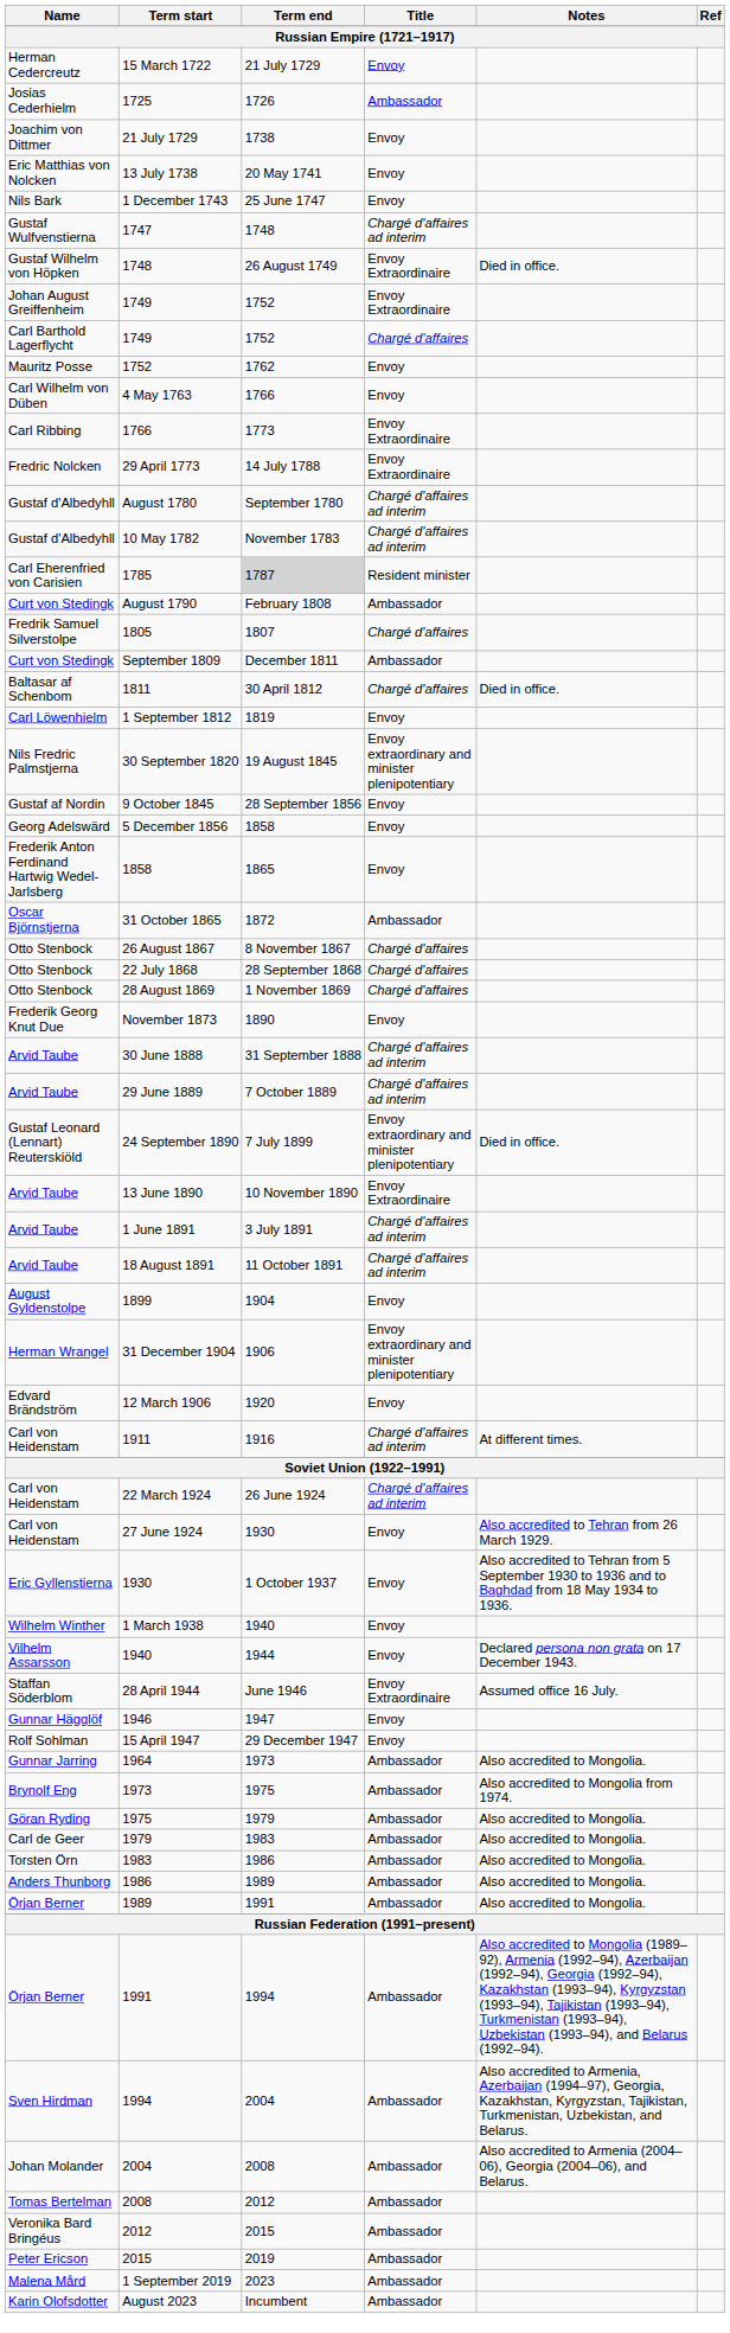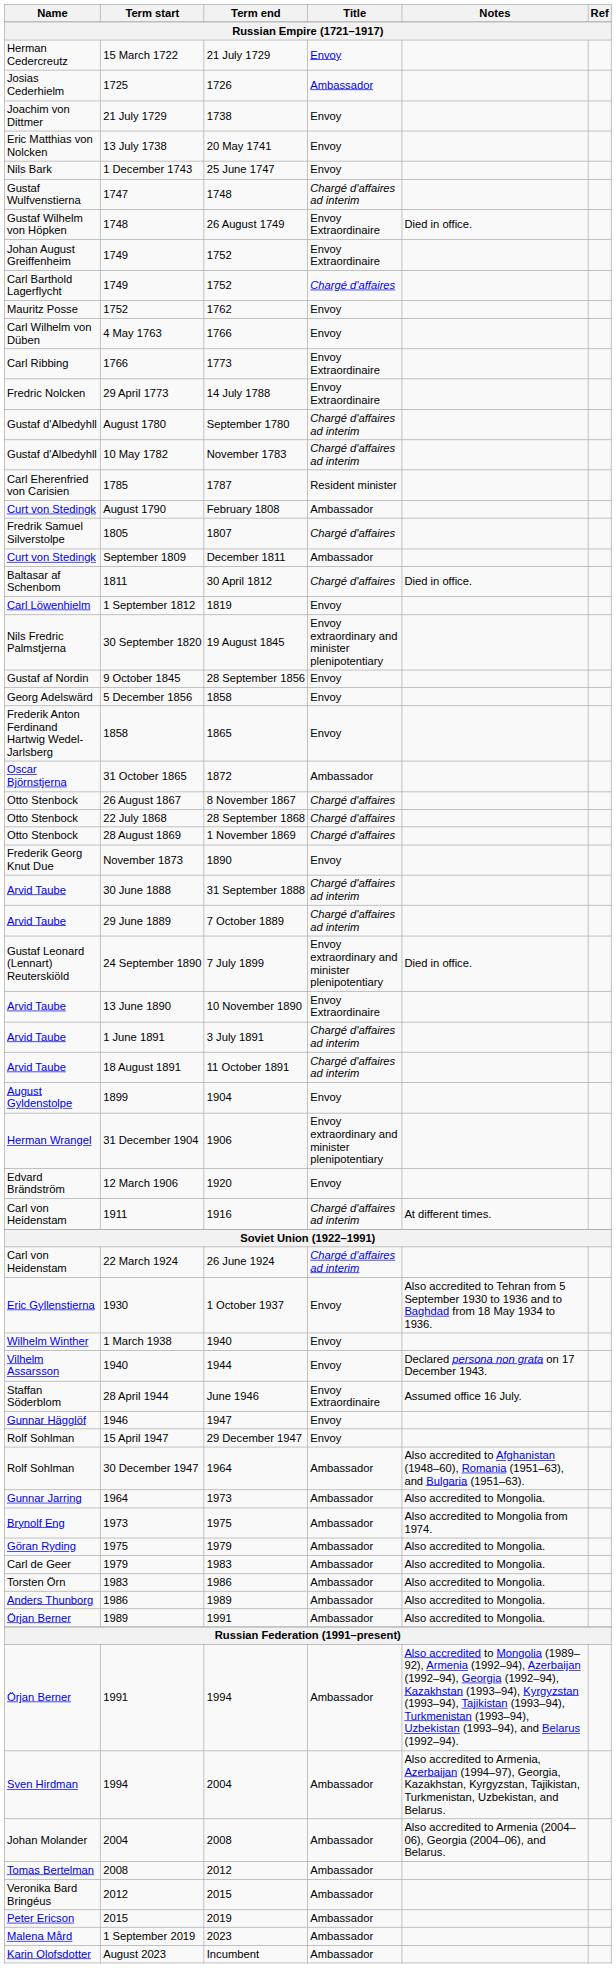 <table class="wikitable">
 <tr>
 <th>Name</th>
 <th>Term start</th>
 <th>Term end</th>
 <th>Title</th>
 <th>Notes</th>
 <th>Ref</th>
 </tr>
 <tr>
 </tr>
 <tr style="text-align:center;">
 <th colspan=6>Russian Empire (1721–1917)</th>
 </tr>
 <tr>
 <td>Herman Cedercreutz</td>
 <td style="white-space: nowrap;">15 March 1722</td>
 <td style="white-space: nowrap;">21 July 1729</td>
 <td><a href='#'>Envoy</a></td>
 <td></td>
 <td></td>
 </tr>
 <tr>
 <td>Josias Cederhielm</td>
 <td style="white-space: nowrap;">1725</td>
 <td style="white-space: nowrap;">1726</td>
 <td><a href='#'>Ambassador</a></td>
 <td></td>
 <td></td>
 </tr>
 <tr>
 <td>Joachim von Dittmer</td>
 <td style="white-space: nowrap;">21 July 1729</td>
 <td style="white-space: nowrap;">1738</td>
 <td>Envoy</td>
 <td></td>
 <td></td>
 </tr>
 <tr>
 <td>Eric Matthias von Nolcken</td>
 <td style="white-space: nowrap;">13 July 1738</td>
 <td style="white-space: nowrap;">20 May 1741</td>
 <td>Envoy</td>
 <td></td>
 <td></td>
 </tr>
 <tr>
 <td>Nils Bark</td>
 <td style="white-space: nowrap;">1 December 1743</td>
 <td style="white-space: nowrap;">25 June 1747</td>
 <td>Envoy</td>
 <td></td>
 <td></td>
 </tr>
 <tr>
 <td>Gustaf Wulfvenstierna</td>
 <td style="white-space: nowrap;">1747</td>
 <td style="white-space: nowrap;">1748</td>
 <td><em>Chargé d'affaires ad interim</em></td>
 <td></td>
 <td></td>
 </tr>
 <tr>
 <td>Gustaf Wilhelm von Höpken</td>
 <td style="white-space: nowrap;">1748</td>
 <td style="white-space: nowrap;">26 August 1749</td>
 <td>Envoy Extraordinaire</td>
 <td>Died in office.</td>
 <td></td>
 </tr>
 <tr>
 <td>Johan August Greiffenheim</td>
 <td style="white-space: nowrap;">1749</td>
 <td style="white-space: nowrap;">1752</td>
 <td>Envoy Extraordinaire</td>
 <td></td>
 <td></td>
 </tr>
 <tr>
 <td>Carl Barthold Lagerflycht</td>
 <td style="white-space: nowrap;">1749</td>
 <td style="white-space: nowrap;">1752</td>
 <td><em><a href='#'>Chargé d'affaires</a></em></td>
 <td></td>
 <td></td>
 </tr>
 <tr>
 <td>Mauritz Posse</td>
 <td style="white-space: nowrap;">1752</td>
 <td style="white-space: nowrap;">1762</td>
 <td>Envoy</td>
 <td></td>
 <td></td>
 </tr>
 <tr>
 <td>Carl Wilhelm von Düben</td>
 <td style="white-space: nowrap;">4 May 1763</td>
 <td style="white-space: nowrap;">1766</td>
 <td>Envoy</td>
 <td></td>
 <td></td>
 </tr>
 <tr>
 <td>Carl Ribbing</td>
 <td style="white-space: nowrap;">1766</td>
 <td style="white-space: nowrap;">1773</td>
 <td>Envoy Extraordinaire</td>
 <td></td>
 <td></td>
 </tr>
 <tr>
 <td>Fredric Nolcken</td>
 <td style="white-space: nowrap;">29 April 1773</td>
 <td style="white-space: nowrap;">14 July 1788</td>
 <td>Envoy Extraordinaire</td>
 <td></td>
 <td></td>
 </tr>
 <tr>
 <td>Gustaf d'Albedyhll</td>
 <td style="white-space: nowrap;">August 1780</td>
 <td style="white-space: nowrap;">September 1780</td>
 <td><em>Chargé d'affaires ad interim</em></td>
 <td></td>
 <td></td>
 </tr>
 <tr>
 <td>Gustaf d'Albedyhll</td>
 <td style="white-space: nowrap;">10 May 1782</td>
 <td style="white-space: nowrap;">November 1783</td>
 <td><em>Chargé d'affaires ad interim</em></td>
 <td></td>
 <td></td>
 </tr>
 <tr>
 <td>Carl Eherenfried von Carisien</td>
 <td style="white-space: nowrap;">1785</td>
-<td style="background: lightgrey; white-space: nowrap;">1787</td>
+<td style="white-space: nowrap;">1787</td>
 <td>Resident minister</td>
 <td></td>
 <td></td>
 </tr>
 <tr>
 <td><a href='#'>Curt von Stedingk</a></td>
 <td style="white-space: nowrap;">August 1790</td>
 <td style="white-space: nowrap;">February 1808</td>
 <td>Ambassador</td>
 <td></td>
 <td></td>
 </tr>
 <tr>
 <td>Fredrik Samuel Silverstolpe</td>
 <td style="white-space: nowrap;">1805</td>
 <td style="white-space: nowrap;">1807</td>
 <td><em>Chargé d'affaires</em></td>
 <td></td>
 <td></td>
 </tr>
 <tr>
 <td><a href='#'>Curt von Stedingk</a></td>
 <td style="white-space: nowrap;">September 1809</td>
 <td style="white-space: nowrap;">December 1811</td>
 <td>Ambassador</td>
 <td></td>
 <td></td>
 </tr>
 <tr>
 <td>Baltasar af Schenbom</td>
 <td style="white-space: nowrap;">1811</td>
 <td style="white-space: nowrap;">30 April 1812</td>
 <td><em>Chargé d'affaires</em></td>
 <td>Died in office.</td>
 <td></td>
 </tr>
 <tr>
 <td><a href='#'>Carl Löwenhielm</a></td>
 <td style="white-space: nowrap;">1 September 1812</td>
 <td style="white-space: nowrap;">1819</td>
 <td>Envoy</td>
 <td></td>
 <td></td>
 </tr>
 <tr>
 <td>Nils Fredric Palmstjerna</td>
 <td style="white-space: nowrap;">30 September 1820</td>
 <td style="white-space: nowrap;">19 August 1845</td>
 <td>Envoy extraordinary and minister plenipotentiary</td>
 <td></td>
 <td></td>
 </tr>
 <tr>
 <td>Gustaf af Nordin</td>
 <td style="white-space: nowrap;">9 October 1845</td>
 <td style="white-space: nowrap;">28 September 1856</td>
 <td>Envoy</td>
 <td></td>
 <td></td>
 </tr>
 <tr>
 <td>Georg Adelswärd</td>
 <td style="white-space: nowrap;">5 December 1856</td>
 <td style="white-space: nowrap;">1858</td>
 <td>Envoy</td>
 <td></td>
 <td></td>
 </tr>
 <tr>
 <td>Frederik Anton Ferdinand Hartwig Wedel-Jarlsberg</td>
 <td style="white-space: nowrap;">1858</td>
 <td style="white-space: nowrap;">1865</td>
 <td>Envoy</td>
 <td></td>
 <td></td>
 </tr>
 <tr>
 <td><a href='#'>Oscar Björnstjerna</a></td>
 <td style="white-space: nowrap;">31 October 1865</td>
 <td style="white-space: nowrap;">1872</td>
 <td>Ambassador</td>
 <td></td>
 <td></td>
 </tr>
 <tr>
 <td>Otto Stenbock</td>
 <td style="white-space: nowrap;">26 August 1867</td>
 <td style="white-space: nowrap;">8 November 1867</td>
 <td><em>Chargé d'affaires</em></td>
 <td></td>
 <td></td>
 </tr>
 <tr>
 <td>Otto Stenbock</td>
 <td style="white-space: nowrap;">22 July 1868</td>
 <td style="white-space: nowrap;">28 September 1868</td>
 <td><em>Chargé d'affaires</em></td>
 <td></td>
 <td></td>
 </tr>
 <tr>
 <td>Otto Stenbock</td>
 <td style="white-space: nowrap;">28 August 1869</td>
 <td style="white-space: nowrap;">1 November 1869</td>
 <td><em>Chargé d'affaires</em></td>
 <td></td>
 <td></td>
 </tr>
 <tr>
 <td>Frederik Georg Knut Due</td>
 <td style="white-space: nowrap;">November 1873</td>
 <td style="white-space: nowrap;">1890</td>
 <td>Envoy</td>
 <td></td>
 <td></td>
 </tr>
 <tr>
 <td><a href='#'>Arvid Taube</a></td>
 <td style="white-space: nowrap;">30 June 1888</td>
 <td style="white-space: nowrap;">31 September 1888</td>
 <td><em>Chargé d'affaires ad interim</em></td>
 <td></td>
 <td></td>
 </tr>
 <tr>
 <td><a href='#'>Arvid Taube</a></td>
 <td style="white-space: nowrap;">29 June 1889</td>
 <td style="white-space: nowrap;">7 October 1889</td>
 <td><em>Chargé d'affaires ad interim</em></td>
 <td></td>
 <td></td>
 </tr>
 <tr>
 <td>Gustaf Leonard (Lennart) Reuterskiöld</td>
 <td style="white-space: nowrap;">24 September 1890</td>
 <td style="white-space: nowrap;">7 July 1899</td>
 <td>Envoy extraordinary and minister plenipotentiary</td>
 <td>Died in office.</td>
 <td></td>
 </tr>
 <tr>
 <td><a href='#'>Arvid Taube</a></td>
 <td style="white-space: nowrap;">13 June 1890</td>
 <td style="white-space: nowrap;">10 November 1890</td>
 <td>Envoy Extraordinaire</td>
 <td></td>
 <td></td>
 </tr>
 <tr>
 <td><a href='#'>Arvid Taube</a></td>
 <td style="white-space: nowrap;">1 June 1891</td>
 <td style="white-space: nowrap;">3 July 1891</td>
 <td><em>Chargé d'affaires ad interim</em></td>
 <td></td>
 <td></td>
 </tr>
 <tr>
 <td><a href='#'>Arvid Taube</a></td>
 <td style="white-space: nowrap;">18 August 1891</td>
 <td style="white-space: nowrap;">11 October 1891</td>
 <td><em>Chargé d'affaires ad interim</em></td>
 <td></td>
 <td></td>
 </tr>
 <tr>
 <td><a href='#'>August Gyldenstolpe</a></td>
 <td style="white-space: nowrap;">1899</td>
 <td style="white-space: nowrap;">1904</td>
 <td>Envoy</td>
 <td></td>
 <td></td>
 </tr>
 <tr>
 <td><a href='#'>Herman Wrangel</a></td>
 <td style="white-space: nowrap;">31 December 1904</td>
 <td style="white-space: nowrap;">1906</td>
 <td>Envoy extraordinary and minister plenipotentiary</td>
 <td></td>
 <td></td>
 </tr>
 <tr>
 <td>Edvard Brändström</td>
 <td style="white-space: nowrap;">12 March 1906</td>
 <td style="white-space: nowrap;">1920</td>
 <td>Envoy</td>
 <td></td>
 <td></td>
 </tr>
 <tr>
 <td>Carl von Heidenstam</td>
 <td style="white-space: nowrap;">1911</td>
 <td style="white-space: nowrap;">1916</td>
 <td><em>Chargé d'affaires ad interim</em></td>
 <td>At different times.</td>
 <td></td>
 </tr>
 <tr>
 </tr>
 <tr style="text-align:center;">
 <th colspan=6>Soviet Union (1922–1991)</th>
 </tr>
 <tr>
 <td>Carl von Heidenstam</td>
 <td style="white-space: nowrap;">22 March 1924</td>
 <td style="white-space: nowrap;">26 June 1924</td>
 <td><em><a href='#'>Chargé d'affaires ad interim</a></em></td>
 <td></td>
 <td></td>
 </tr>
 <tr>
-<td>Carl von Heidenstam</td>
-<td style="white-space: nowrap;">27 June 1924</td>
-<td style="white-space: nowrap;">1930</td>
-<td>Envoy</td>
-<td><a href='#'>Also accredited</a> to <a href='#'>Tehran</a> from 26 March 1929.</td>
-<td></td>
-</tr>
-<tr>
 <td><a href='#'>Eric Gyllenstierna</a></td>
 <td style="white-space: nowrap;">1930</td>
 <td style="white-space: nowrap;">1 October 1937</td>
 <td>Envoy</td>
 <td>Also accredited to Tehran from 5 September 1930 to 1936 and to <a href='#'>Baghdad</a> from 18 May 1934 to 1936.</td>
 <td></td>
 </tr>
 <tr>
 <td><a href='#'>Wilhelm Winther</a></td>
 <td style="white-space: nowrap;">1 March 1938</td>
 <td style="white-space: nowrap;">1940</td>
 <td>Envoy</td>
 <td></td>
 <td></td>
 </tr>
 <tr>
 <td><a href='#'>Vilhelm Assarsson</a></td>
 <td style="white-space: nowrap;">1940</td>
 <td style="white-space: nowrap;">1944</td>
 <td>Envoy</td>
 <td>Declared <em><a href='#'>persona non grata</a></em> on 17 December 1943.</td>
 <td></td>
 </tr>
 <tr>
 <td>Staffan Söderblom</td>
 <td style="white-space: nowrap;">28 April 1944</td>
 <td style="white-space: nowrap;">June 1946</td>
 <td>Envoy Extraordinaire</td>
 <td>Assumed office 16 July.</td>
 <td></td>
 </tr>
 <tr>
 <td><a href='#'>Gunnar Hägglöf</a></td>
 <td style="white-space: nowrap;">1946</td>
 <td style="white-space: nowrap;">1947</td>
 <td>Envoy</td>
 <td></td>
 <td></td>
 </tr>
 <tr>
 <td>Rolf Sohlman</td>
 <td style="white-space: nowrap;">15 April 1947</td>
 <td style="white-space: nowrap;">29 December 1947</td>
 <td>Envoy</td>
 <td></td>
+<td></td>
+</tr>
+<tr>
+<td>Rolf Sohlman</td>
+<td style="white-space: nowrap;">30 December 1947</td>
+<td style="white-space: nowrap;">1964</td>
+<td>Ambassador</td>
+<td>Also accredited to <a href='#'>Afghanistan</a> (1948–60), <a href='#'>Romania</a> (1951–63), and <a href='#'>Bulgaria</a> (1951–63).</td>
 <td></td>
 </tr>
 <tr>
 <td><a href='#'>Gunnar Jarring</a></td>
 <td style="white-space: nowrap;">1964</td>
 <td style="white-space: nowrap;">1973</td>
 <td>Ambassador</td>
 <td>Also accredited to Mongolia.</td>
 <td></td>
 </tr>
 <tr>
 <td><a href='#'>Brynolf Eng</a></td>
 <td style="white-space: nowrap;">1973</td>
 <td style="white-space: nowrap;">1975</td>
 <td>Ambassador</td>
 <td>Also accredited to Mongolia from 1974.</td>
 <td></td>
 </tr>
 <tr>
 <td><a href='#'>Göran Ryding</a></td>
 <td style="white-space: nowrap;">1975</td>
 <td style="white-space: nowrap;">1979</td>
 <td>Ambassador</td>
 <td>Also accredited to Mongolia.</td>
 <td></td>
 </tr>
 <tr>
 <td>Carl de Geer</td>
 <td style="white-space: nowrap;">1979</td>
 <td style="white-space: nowrap;">1983</td>
 <td>Ambassador</td>
 <td>Also accredited to Mongolia.</td>
 <td></td>
 </tr>
 <tr>
 <td>Torsten Örn</td>
 <td style="white-space: nowrap;">1983</td>
 <td style="white-space: nowrap;">1986</td>
 <td>Ambassador</td>
 <td>Also accredited to Mongolia.</td>
 <td></td>
 </tr>
 <tr>
 <td><a href='#'>Anders Thunborg</a></td>
 <td style="white-space: nowrap;">1986</td>
 <td style="white-space: nowrap;">1989</td>
 <td>Ambassador</td>
 <td>Also accredited to Mongolia.</td>
 <td></td>
 </tr>
 <tr>
 <td><a href='#'>Örjan Berner</a></td>
 <td style="white-space: nowrap;">1989</td>
 <td style="white-space: nowrap;">1991</td>
 <td>Ambassador</td>
 <td>Also accredited to Mongolia.</td>
 <td></td>
 </tr>
 <tr>
 </tr>
 <tr style="text-align:center;">
 <th colspan=6>Russian Federation (1991–present)</th>
 </tr>
 <tr>
 <td><a href='#'>Örjan Berner</a></td>
 <td style="white-space: nowrap;">1991</td>
 <td style="white-space: nowrap;">1994</td>
 <td>Ambassador</td>
 <td><a href='#'>Also accredited</a> to <a href='#'>Mongolia</a> (1989–92), <a href='#'>Armenia</a> (1992–94), <a href='#'>Azerbaijan</a> (1992–94), <a href='#'>Georgia</a> (1992–94), <a href='#'>Kazakhstan</a> (1993–94), <a href='#'>Kyrgyzstan</a> (1993–94), <a href='#'>Tajikistan</a> (1993–94), <a href='#'>Turkmenistan</a> (1993–94), <a href='#'>Uzbekistan</a> (1993–94), and <a href='#'>Belarus</a> (1992–94).</td>
 <td></td>
 </tr>
 <tr>
 <td><a href='#'>Sven Hirdman</a></td>
 <td style="white-space: nowrap;">1994</td>
 <td style="white-space: nowrap;">2004</td>
 <td>Ambassador</td>
 <td>Also accredited to Armenia, <a href='#'>Azerbaijan</a> (1994–97), Georgia, Kazakhstan, Kyrgyzstan, Tajikistan, Turkmenistan, Uzbekistan, and Belarus.</td>
 <td></td>
 </tr>
 <tr>
 <td>Johan Molander</td>
 <td style="white-space: nowrap;">2004</td>
 <td style="white-space: nowrap;">2008</td>
 <td>Ambassador</td>
 <td>Also accredited to Armenia (2004–06), Georgia (2004–06), and Belarus.</td>
 <td></td>
 </tr>
 <tr>
 <td><a href='#'>Tomas Bertelman</a></td>
 <td style="white-space: nowrap;">2008</td>
 <td style="white-space: nowrap;">2012</td>
 <td>Ambassador</td>
 <td></td>
 <td></td>
 </tr>
 <tr>
 <td>Veronika Bard Bringéus</td>
 <td style="white-space: nowrap;">2012</td>
 <td style="white-space: nowrap;">2015</td>
 <td>Ambassador</td>
 <td></td>
 <td></td>
 </tr>
 <tr>
 <td><a href='#'>Peter Ericson</a></td>
 <td style="white-space: nowrap;">2015</td>
 <td style="white-space: nowrap;">2019</td>
 <td>Ambassador</td>
 <td></td>
 <td></td>
 </tr>
 <tr>
 <td><a href='#'>Malena Mård</a></td>
 <td style="white-space: nowrap;">1 September 2019</td>
 <td style="white-space: nowrap;">2023</td>
 <td>Ambassador</td>
 <td></td>
 <td></td>
 </tr>
 <tr>
 <td><a href='#'>Karin Olofsdotter</a></td>
 <td style="white-space: nowrap;">August 2023</td>
 <td style="white-space: nowrap;">Incumbent</td>
 <td>Ambassador</td>
 <td></td>
 <td></td>
 </tr>
 </table>
